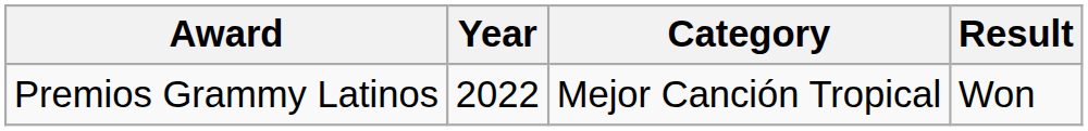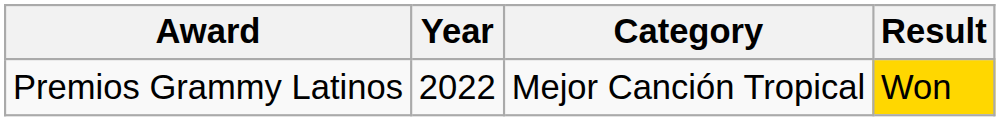 <table class="wikitable">
 <tr>
 <th>Award</th>
 <th>Year</th>
 <th>Category</th>
 <th>Result</th>
 </tr>
 <tr>
 <td>Premios Grammy Latinos</td>
 <td rowspan="2">2022</td>
 <td>Mejor Canción Tropical</td>
-<td rowspan="">Won</td>
+<td rowspan="" style="background: gold;">Won</td>
 </tr>
 </table>
